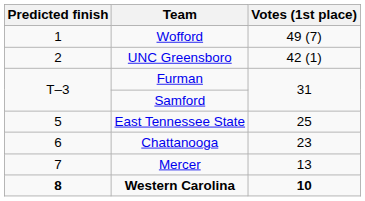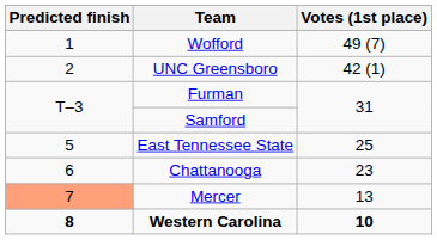 <table class="wikitable" border="1">
 <tr align=center>
 <th>Predicted finish</th>
 <th>Team</th>
 <th>Votes (1st place)</th>
 </tr>
 <tr align="center">
 <td>1</td>
 <td><a href='#'>Wofford</a></td>
 <td>49 (7)</td>
 </tr>
 <tr align="center">
 <td>2</td>
 <td><a href='#'>UNC Greensboro</a></td>
 <td>42 (1)</td>
 </tr>
 <tr align="center">
 <td rowspan=2>T–3</td>
 <td><a href='#'>Furman</a></td>
 <td rowspan=2>31</td>
 </tr>
 <tr align="center">
 <td><a href='#'>Samford</a></td>
 </tr>
 <tr align="center">
 <td>5</td>
 <td><a href='#'>East Tennessee State</a></td>
 <td>25</td>
 </tr>
 <tr align="center">
 <td>6</td>
 <td><a href='#'>Chattanooga</a></td>
 <td>23</td>
 </tr>
 <tr align="center">
-<td>7</td>
+<td style="background: lightsalmon;">7</td>
 <td><a href='#'>Mercer</a></td>
 <td>13</td>
 </tr>
 <tr align="center">
 <td><strong>8</strong></td>
 <td><strong>Western Carolina</strong></td>
 <td><strong>10</strong></td>
 </tr>
 </table>
